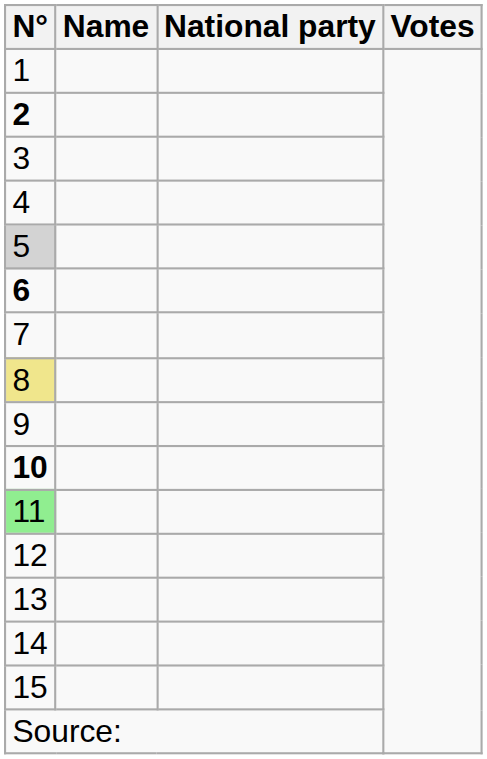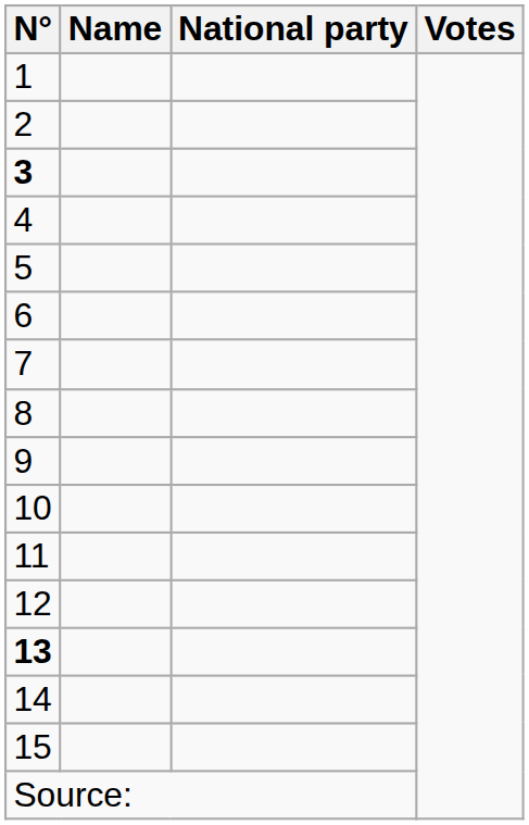 <table class="wikitable sortable" style="font-size:95%;line-height:14px;">
 <tr>
 <th>N°</th>
 <th>Name</th>
 <th colspan="2">National party</th>
 <th>Votes</th>
 </tr>
 <tr>
 <td>1</td>
 <td></td>
 <td></td>
 </tr>
 <tr>
-<td><strong>2</strong></td>
+<td>2</td>
 <td></td>
 <td></td>
 </tr>
 <tr>
-<td>3</td>
+<td><strong>3</strong></td>
 <td><em></em></td>
 <td></td>
 </tr>
 <tr>
 <td>4</td>
 <td></td>
 <td></td>
 </tr>
 <tr>
-<td style="background: lightgrey;">5</td>
+<td>5</td>
 <td></td>
 <td></td>
 </tr>
 <tr>
-<td><strong>6</strong></td>
+<td>6</td>
 <td></td>
 <td></td>
 </tr>
 <tr>
 <td>7</td>
 <td></td>
 <td></td>
 </tr>
 <tr>
-<td style="background: khaki;">8</td>
+<td>8</td>
 <td></td>
 <td></td>
 </tr>
 <tr>
 <td>9</td>
 <td></td>
 <td></td>
 </tr>
 <tr>
-<td><strong>10</strong></td>
+<td>10</td>
 <td></td>
 <td></td>
 </tr>
 <tr>
-<td style="background: lightgreen;">11</td>
+<td>11</td>
 <td></td>
 <td></td>
 </tr>
 <tr>
 <td>12</td>
 <td></td>
 <td></td>
 </tr>
 <tr>
-<td>13</td>
+<td><strong>13</strong></td>
 <td></td>
 <td></td>
 </tr>
 <tr>
 <td>14</td>
 <td></td>
 <td></td>
 </tr>
 <tr>
 <td>15</td>
 <td></td>
 <td></td>
 </tr>
 <tr>
 <td colspan="3">Source: </td>
 </tr>
 </table>
